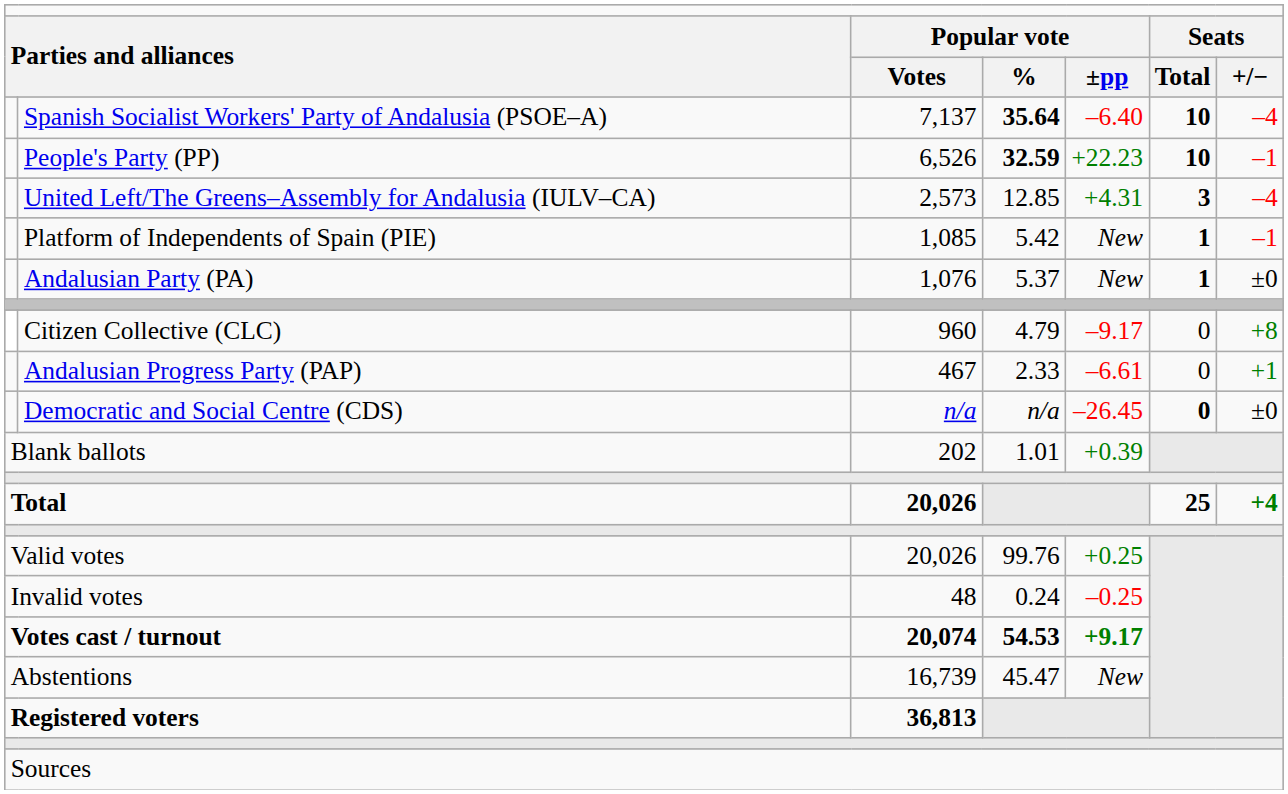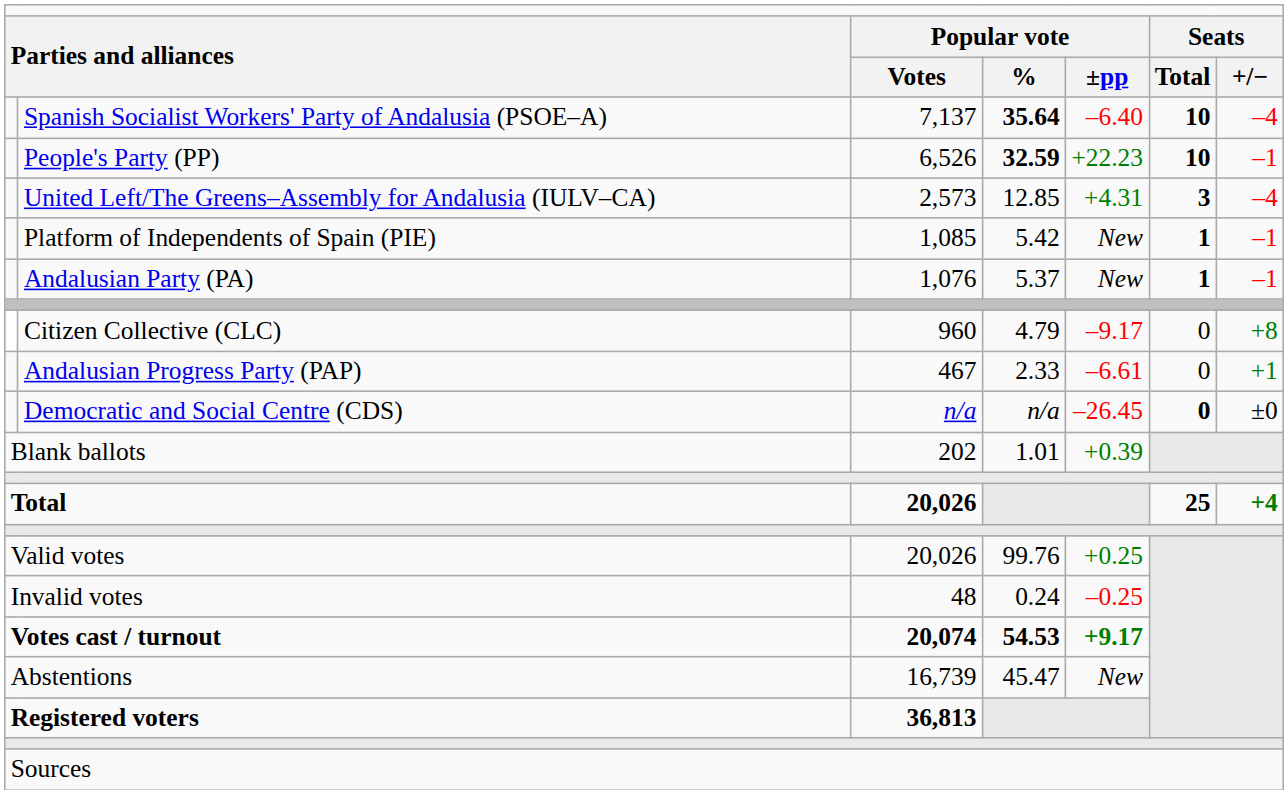 <table class="wikitable" style="text-align:right;">
 <tr>
 <td colspan="7"></td>
 </tr>
 <tr>
 <th style="text-align:left;" rowspan="2" colspan="2" width="525">Parties and alliances</th>
 <th colspan="3">Popular vote</th>
 <th colspan="2">Seats</th>
 </tr>
 <tr>
 <th width="75">Votes</th>
 <th width="45">%</th>
 <th width="45">±<a href='#'>pp</a></th>
 <th width="35">Total</th>
 <th width="35">+/−</th>
 </tr>
 <tr>
 <td width="1" style="color:inherit;background:"></td>
 <td align="left"><a href='#'>Spanish Socialist Workers' Party of Andalusia</a> (PSOE–A)</td>
 <td>7,137</td>
 <td><strong>35.64</strong></td>
 <td style="color:red;">–6.40</td>
 <td><strong>10</strong></td>
 <td style="color:red;">–4</td>
 </tr>
 <tr>
 <td style="color:inherit;background:"></td>
 <td align="left"><a href='#'>People's Party</a> (PP)</td>
 <td>6,526</td>
 <td><strong>32.59</strong></td>
 <td style="color:green;">+22.23</td>
 <td><strong>10</strong></td>
 <td style="color:red;">–1</td>
 </tr>
 <tr>
 <td style="color:inherit;background:"></td>
 <td align="left"><a href='#'>United Left/The Greens–Assembly for Andalusia</a> (IULV–CA)</td>
 <td>2,573</td>
 <td>12.85</td>
 <td style="color:green;">+4.31</td>
 <td><strong>3</strong></td>
 <td style="color:red;">–4</td>
 </tr>
 <tr>
 <td style="color:inherit;background:"></td>
 <td align="left">Platform of Independents of Spain (PIE)</td>
 <td>1,085</td>
 <td>5.42</td>
 <td><em>New</em></td>
 <td><strong>1</strong></td>
 <td style="color:red;">–1</td>
 </tr>
 <tr>
 <td style="color:inherit;background:"></td>
 <td align="left"><a href='#'>Andalusian Party</a> (PA)</td>
 <td>1,076</td>
 <td>5.37</td>
 <td><em>New</em></td>
 <td><strong>1</strong></td>
-<td>±0</td>
+<td style="color:red;">–1</td>
 </tr>
 <tr>
 <td colspan="7" bgcolor="#C0C0C0"></td>
 </tr>
 <tr>
 <td bgcolor="white"></td>
 <td align="left">Citizen Collective (CLC)</td>
 <td>960</td>
 <td>4.79</td>
 <td style="color:red;">–9.17</td>
 <td>0</td>
 <td style="color:green;">+8</td>
 </tr>
 <tr>
 <td style="color:inherit;background:"></td>
 <td align="left"><a href='#'>Andalusian Progress Party</a> (PAP)</td>
 <td>467</td>
 <td>2.33</td>
 <td style="color:red;">–6.61</td>
 <td>0</td>
 <td style="color:green;">+1</td>
 </tr>
 <tr>
 <td style="color:inherit;background:"></td>
 <td align="left"><a href='#'>Democratic and Social Centre</a> (CDS)</td>
 <td><em><a href='#'>n/a</a></em></td>
 <td><em>n/a</em></td>
 <td style="color:red;">–26.45</td>
 <td><strong>0</strong></td>
 <td>±0</td>
 </tr>
 <tr>
 <td align="left" colspan="2">Blank ballots</td>
 <td>202</td>
 <td>1.01</td>
 <td style="color:green;">+0.39</td>
 <td bgcolor="#E9E9E9" colspan="2"></td>
 </tr>
 <tr>
 <td colspan="7" bgcolor="#E9E9E9"></td>
 </tr>
 <tr style="font-weight:bold;">
 <td align="left" colspan="2">Total</td>
 <td>20,026</td>
 <td bgcolor="#E9E9E9" colspan="2"></td>
 <td>25</td>
 <td style="color:green;">+4</td>
 </tr>
 <tr>
 <td colspan="7" bgcolor="#E9E9E9"></td>
 </tr>
 <tr>
 <td align="left" colspan="2">Valid votes</td>
 <td>20,026</td>
 <td>99.76</td>
 <td style="color:green;">+0.25</td>
 <td bgcolor="#E9E9E9" colspan="2" rowspan="5"></td>
 </tr>
 <tr>
 <td align="left" colspan="2">Invalid votes</td>
 <td>48</td>
 <td>0.24</td>
 <td style="color:red;">–0.25</td>
 </tr>
 <tr style="font-weight:bold;">
 <td align="left" colspan="2">Votes cast / turnout</td>
 <td>20,074</td>
 <td>54.53</td>
 <td style="color:green;">+9.17</td>
 </tr>
 <tr>
 <td align="left" colspan="2">Abstentions</td>
 <td>16,739</td>
 <td>45.47</td>
 <td><em>New</em></td>
 </tr>
 <tr style="font-weight:bold;">
 <td align="left" colspan="2">Registered voters</td>
 <td>36,813</td>
 <td bgcolor="#E9E9E9" colspan="2"></td>
 </tr>
 <tr>
 <td colspan="7" bgcolor="#E9E9E9"></td>
 </tr>
 <tr>
 <td align="left" colspan="7">Sources</td>
 </tr>
 </table>
